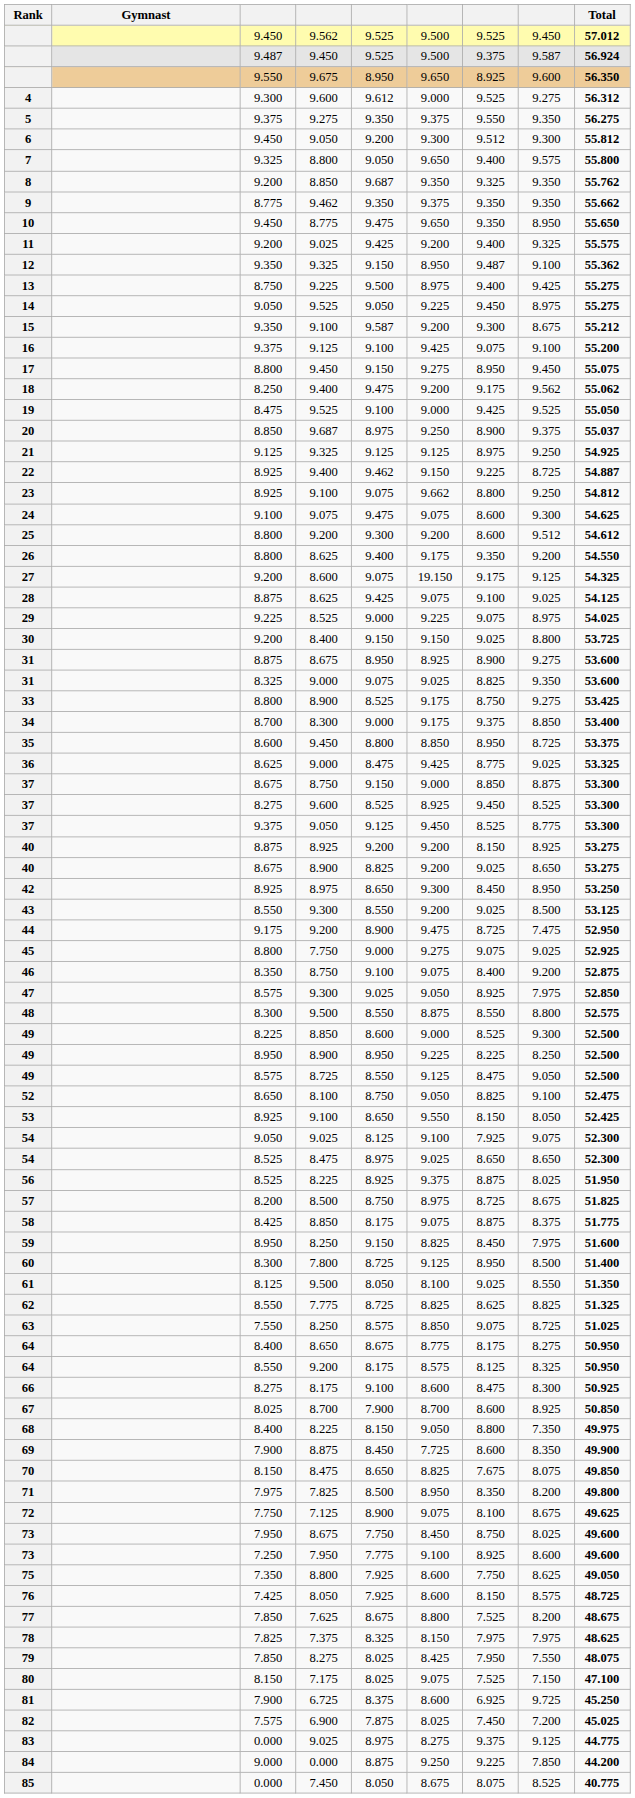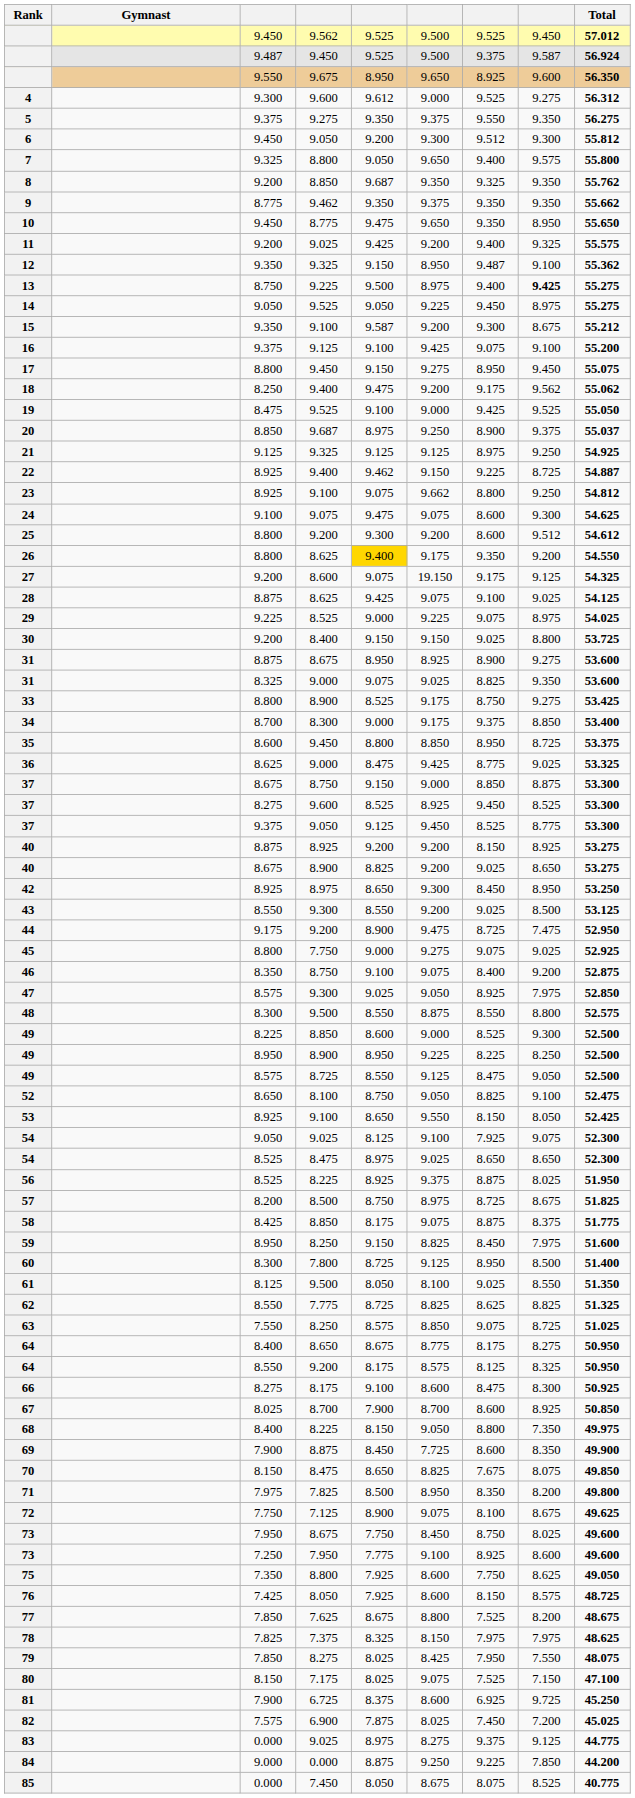 <table class="wikitable sortable" style="text-align:center; font-size:95%">
 <tr>
 <th scope="col" style="width:50px;">Rank</th>
 <th scope="col" style="width:220px;">Gymnast</th>
 <th scope="col" style="width:60px;"></th>
 <th scope="col" style="width:60px;"></th>
 <th scope="col" style="width:60px;"></th>
 <th scope="col" style="width:60px;"></th>
 <th scope="col" style="width:60px;"></th>
 <th scope="col" style="width:60px;"></th>
 <th scope="col" style="width:60px;">Total</th>
 </tr>
 <tr style="background:#fffcaf;">
 <th scope=row style="text-align:center"></th>
 <td align=left></td>
 <td>9.450</td>
 <td>9.562</td>
 <td>9.525</td>
 <td>9.500</td>
 <td>9.525</td>
 <td>9.450</td>
 <td><strong>57.012</strong></td>
 </tr>
 <tr style="background:#e5e5e5;">
 <th scope=row style="text-align:center"></th>
 <td align=left></td>
 <td>9.487</td>
 <td>9.450</td>
 <td>9.525</td>
 <td>9.500</td>
 <td>9.375</td>
 <td>9.587</td>
 <td><strong>56.924</strong></td>
 </tr>
 <tr style="background:#ec9;">
 <th scope=row style="text-align:center"></th>
 <td align=left></td>
 <td>9.550</td>
 <td>9.675</td>
 <td>8.950</td>
 <td>9.650</td>
 <td>8.925</td>
 <td>9.600</td>
 <td><strong>56.350</strong></td>
 </tr>
 <tr>
 <th scope=row style="text-align:center">4</th>
 <td align=left></td>
 <td>9.300</td>
 <td>9.600</td>
 <td>9.612</td>
 <td>9.000</td>
 <td>9.525</td>
 <td>9.275</td>
 <td><strong>56.312</strong></td>
 </tr>
 <tr>
 <th scope=row style="text-align:center">5</th>
 <td align=left></td>
 <td>9.375</td>
 <td>9.275</td>
 <td>9.350</td>
 <td>9.375</td>
 <td>9.550</td>
 <td>9.350</td>
 <td><strong>56.275</strong></td>
 </tr>
 <tr>
 <th scope=row style="text-align:center">6</th>
 <td align=left></td>
 <td>9.450</td>
 <td>9.050</td>
 <td>9.200</td>
 <td>9.300</td>
 <td>9.512</td>
 <td>9.300</td>
 <td><strong>55.812</strong></td>
 </tr>
 <tr>
 <th scope=row style="text-align:center">7</th>
 <td align=left></td>
 <td>9.325</td>
 <td>8.800</td>
 <td>9.050</td>
 <td>9.650</td>
 <td>9.400</td>
 <td>9.575</td>
 <td><strong>55.800</strong></td>
 </tr>
 <tr>
 <th scope=row style="text-align:center">8</th>
 <td align=left></td>
 <td>9.200</td>
 <td>8.850</td>
 <td>9.687</td>
 <td>9.350</td>
 <td>9.325</td>
 <td>9.350</td>
 <td><strong>55.762</strong></td>
 </tr>
 <tr>
 <th scope=row style="text-align:center">9</th>
 <td align=left></td>
 <td>8.775</td>
 <td>9.462</td>
 <td>9.350</td>
 <td>9.375</td>
 <td>9.350</td>
 <td>9.350</td>
 <td><strong>55.662</strong></td>
 </tr>
 <tr>
 <th scope=row style="text-align:center">10</th>
 <td align=left></td>
 <td>9.450</td>
 <td>8.775</td>
 <td>9.475</td>
 <td>9.650</td>
 <td>9.350</td>
 <td>8.950</td>
 <td><strong>55.650</strong></td>
 </tr>
 <tr>
 <th scope=row style="text-align:center">11</th>
 <td align=left></td>
 <td>9.200</td>
 <td>9.025</td>
 <td>9.425</td>
 <td>9.200</td>
 <td>9.400</td>
 <td>9.325</td>
 <td><strong>55.575</strong></td>
 </tr>
 <tr>
 <th scope=row style="text-align:center">12</th>
 <td align=left></td>
 <td>9.350</td>
 <td>9.325</td>
 <td>9.150</td>
 <td>8.950</td>
 <td>9.487</td>
 <td>9.100</td>
 <td><strong>55.362</strong></td>
 </tr>
 <tr>
 <th scope=row style="text-align:center">13</th>
 <td align=left></td>
 <td>8.750</td>
 <td>9.225</td>
 <td>9.500</td>
 <td>8.975</td>
 <td>9.400</td>
-<td>9.425</td>
+<td><strong>9.425</strong></td>
 <td><strong>55.275</strong></td>
 </tr>
 <tr>
 <th scope=row style="text-align:center">14</th>
 <td align=left></td>
 <td>9.050</td>
 <td>9.525</td>
 <td>9.050</td>
 <td>9.225</td>
 <td>9.450</td>
 <td>8.975</td>
 <td><strong>55.275</strong></td>
 </tr>
 <tr>
 <th scope=row style="text-align:center">15</th>
 <td align=left></td>
 <td>9.350</td>
 <td>9.100</td>
 <td>9.587</td>
 <td>9.200</td>
 <td>9.300</td>
 <td>8.675</td>
 <td><strong>55.212</strong></td>
 </tr>
 <tr>
 <th scope=row style="text-align:center">16</th>
 <td align=left></td>
 <td>9.375</td>
 <td>9.125</td>
 <td>9.100</td>
 <td>9.425</td>
 <td>9.075</td>
 <td>9.100</td>
 <td><strong>55.200</strong></td>
 </tr>
 <tr>
 <th scope=row style="text-align:center">17</th>
 <td align=left></td>
 <td>8.800</td>
 <td>9.450</td>
 <td>9.150</td>
 <td>9.275</td>
 <td>8.950</td>
 <td>9.450</td>
 <td><strong>55.075</strong></td>
 </tr>
 <tr>
 <th scope=row style="text-align:center">18</th>
 <td align=left></td>
 <td>8.250</td>
 <td>9.400</td>
 <td>9.475</td>
 <td>9.200</td>
 <td>9.175</td>
 <td>9.562</td>
 <td><strong>55.062</strong></td>
 </tr>
 <tr>
 <th scope=row style="text-align:center">19</th>
 <td align=left></td>
 <td>8.475</td>
 <td>9.525</td>
 <td>9.100</td>
 <td>9.000</td>
 <td>9.425</td>
 <td>9.525</td>
 <td><strong>55.050</strong></td>
 </tr>
 <tr>
 <th scope=row style="text-align:center">20</th>
 <td align=left></td>
 <td>8.850</td>
 <td>9.687</td>
 <td>8.975</td>
 <td>9.250</td>
 <td>8.900</td>
 <td>9.375</td>
 <td><strong>55.037</strong></td>
 </tr>
 <tr>
 <th scope=row style="text-align:center">21</th>
 <td align=left></td>
 <td>9.125</td>
 <td>9.325</td>
 <td>9.125</td>
 <td>9.125</td>
 <td>8.975</td>
 <td>9.250</td>
 <td><strong>54.925</strong></td>
 </tr>
 <tr>
 <th scope=row style="text-align:center">22</th>
 <td align=left></td>
 <td>8.925</td>
 <td>9.400</td>
 <td>9.462</td>
 <td>9.150</td>
 <td>9.225</td>
 <td>8.725</td>
 <td><strong>54.887</strong></td>
 </tr>
 <tr>
 <th scope=row style="text-align:center">23</th>
 <td align=left></td>
 <td>8.925</td>
 <td>9.100</td>
 <td>9.075</td>
 <td>9.662</td>
 <td>8.800</td>
 <td>9.250</td>
 <td><strong>54.812</strong></td>
 </tr>
 <tr>
 <th scope=row style="text-align:center">24</th>
 <td align=left></td>
 <td>9.100</td>
 <td>9.075</td>
 <td>9.475</td>
 <td>9.075</td>
 <td>8.600</td>
 <td>9.300</td>
 <td><strong>54.625</strong></td>
 </tr>
 <tr>
 <th scope=row style="text-align:center">25</th>
 <td align=left></td>
 <td>8.800</td>
 <td>9.200</td>
 <td>9.300</td>
 <td>9.200</td>
 <td>8.600</td>
 <td>9.512</td>
 <td><strong>54.612</strong></td>
 </tr>
 <tr>
 <th scope=row style="text-align:center">26</th>
 <td align=left></td>
 <td>8.800</td>
 <td>8.625</td>
-<td>9.400</td>
+<td style="background: gold;">9.400</td>
 <td>9.175</td>
 <td>9.350</td>
 <td>9.200</td>
 <td><strong>54.550</strong></td>
 </tr>
 <tr>
 <th scope=row style="text-align:center">27</th>
 <td align=left></td>
 <td>9.200</td>
 <td>8.600</td>
 <td>9.075</td>
 <td>19.150</td>
 <td>9.175</td>
 <td>9.125</td>
 <td><strong>54.325</strong></td>
 </tr>
 <tr>
 <th scope=row style="text-align:center">28</th>
 <td align=left></td>
 <td>8.875</td>
 <td>8.625</td>
 <td>9.425</td>
 <td>9.075</td>
 <td>9.100</td>
 <td>9.025</td>
 <td><strong>54.125</strong></td>
 </tr>
 <tr>
 <th scope=row style="text-align:center">29</th>
 <td align=left></td>
 <td>9.225</td>
 <td>8.525</td>
 <td>9.000</td>
 <td>9.225</td>
 <td>9.075</td>
 <td>8.975</td>
 <td><strong>54.025</strong></td>
 </tr>
 <tr>
 <th scope=row style="text-align:center">30</th>
 <td align=left></td>
 <td>9.200</td>
 <td>8.400</td>
 <td>9.150</td>
 <td>9.150</td>
 <td>9.025</td>
 <td>8.800</td>
 <td><strong>53.725</strong></td>
 </tr>
 <tr>
 <th scope=row style="text-align:center">31</th>
 <td align=left></td>
 <td>8.875</td>
 <td>8.675</td>
 <td>8.950</td>
 <td>8.925</td>
 <td>8.900</td>
 <td>9.275</td>
 <td><strong>53.600</strong></td>
 </tr>
 <tr>
 <th scope=row style="text-align:center">31</th>
 <td align=left></td>
 <td>8.325</td>
 <td>9.000</td>
 <td>9.075</td>
 <td>9.025</td>
 <td>8.825</td>
 <td>9.350</td>
 <td><strong>53.600</strong></td>
 </tr>
 <tr>
 <th scope=row style="text-align:center">33</th>
 <td align=left></td>
 <td>8.800</td>
 <td>8.900</td>
 <td>8.525</td>
 <td>9.175</td>
 <td>8.750</td>
 <td>9.275</td>
 <td><strong>53.425</strong></td>
 </tr>
 <tr>
 <th scope=row style="text-align:center">34</th>
 <td align=left></td>
 <td>8.700</td>
 <td>8.300</td>
 <td>9.000</td>
 <td>9.175</td>
 <td>9.375</td>
 <td>8.850</td>
 <td><strong>53.400</strong></td>
 </tr>
 <tr>
 <th scope=row style="text-align:center">35</th>
 <td align=left></td>
 <td>8.600</td>
 <td>9.450</td>
 <td>8.800</td>
 <td>8.850</td>
 <td>8.950</td>
 <td>8.725</td>
 <td><strong>53.375</strong></td>
 </tr>
 <tr>
 <th scope=row style="text-align:center">36</th>
 <td align=left></td>
 <td>8.625</td>
 <td>9.000</td>
 <td>8.475</td>
 <td>9.425</td>
 <td>8.775</td>
 <td>9.025</td>
 <td><strong>53.325</strong></td>
 </tr>
 <tr>
 <th scope=row style="text-align:center">37</th>
 <td align=left></td>
 <td>8.675</td>
 <td>8.750</td>
 <td>9.150</td>
 <td>9.000</td>
 <td>8.850</td>
 <td>8.875</td>
 <td><strong>53.300</strong></td>
 </tr>
 <tr>
 <th scope=row style="text-align:center">37</th>
 <td align=left></td>
 <td>8.275</td>
 <td>9.600</td>
 <td>8.525</td>
 <td>8.925</td>
 <td>9.450</td>
 <td>8.525</td>
 <td><strong>53.300</strong></td>
 </tr>
 <tr>
 <th scope=row style="text-align:center">37</th>
 <td align=left></td>
 <td>9.375</td>
 <td>9.050</td>
 <td>9.125</td>
 <td>9.450</td>
 <td>8.525</td>
 <td>8.775</td>
 <td><strong>53.300</strong></td>
 </tr>
 <tr>
 <th scope=row style="text-align:center">40</th>
 <td align=left></td>
 <td>8.875</td>
 <td>8.925</td>
 <td>9.200</td>
 <td>9.200</td>
 <td>8.150</td>
 <td>8.925</td>
 <td><strong>53.275</strong></td>
 </tr>
 <tr>
 <th scope=row style="text-align:center">40</th>
 <td align=left></td>
 <td>8.675</td>
 <td>8.900</td>
 <td>8.825</td>
 <td>9.200</td>
 <td>9.025</td>
 <td>8.650</td>
 <td><strong>53.275</strong></td>
 </tr>
 <tr>
 <th scope=row style="text-align:center">42</th>
 <td align=left></td>
 <td>8.925</td>
 <td>8.975</td>
 <td>8.650</td>
 <td>9.300</td>
 <td>8.450</td>
 <td>8.950</td>
 <td><strong>53.250</strong></td>
 </tr>
 <tr>
 <th scope=row style="text-align:center">43</th>
 <td align=left></td>
 <td>8.550</td>
 <td>9.300</td>
 <td>8.550</td>
 <td>9.200</td>
 <td>9.025</td>
 <td>8.500</td>
 <td><strong>53.125</strong></td>
 </tr>
 <tr>
 <th scope=row style="text-align:center">44</th>
 <td align=left></td>
 <td>9.175</td>
 <td>9.200</td>
 <td>8.900</td>
 <td>9.475</td>
 <td>8.725</td>
 <td>7.475</td>
 <td><strong>52.950</strong></td>
 </tr>
 <tr>
 <th scope=row style="text-align:center">45</th>
 <td align=left></td>
 <td>8.800</td>
 <td>7.750</td>
 <td>9.000</td>
 <td>9.275</td>
 <td>9.075</td>
 <td>9.025</td>
 <td><strong>52.925</strong></td>
 </tr>
 <tr>
 <th scope=row style="text-align:center">46</th>
 <td align=left></td>
 <td>8.350</td>
 <td>8.750</td>
 <td>9.100</td>
 <td>9.075</td>
 <td>8.400</td>
 <td>9.200</td>
 <td><strong>52.875</strong></td>
 </tr>
 <tr>
 <th scope=row style="text-align:center">47</th>
 <td align=left></td>
 <td>8.575</td>
 <td>9.300</td>
 <td>9.025</td>
 <td>9.050</td>
 <td>8.925</td>
 <td>7.975</td>
 <td><strong>52.850</strong></td>
 </tr>
 <tr>
 <th scope=row style="text-align:center">48</th>
 <td align=left></td>
 <td>8.300</td>
 <td>9.500</td>
 <td>8.550</td>
 <td>8.875</td>
 <td>8.550</td>
 <td>8.800</td>
 <td><strong>52.575</strong></td>
 </tr>
 <tr>
 <th scope=row style="text-align:center">49</th>
 <td align=left></td>
 <td>8.225</td>
 <td>8.850</td>
 <td>8.600</td>
 <td>9.000</td>
 <td>8.525</td>
 <td>9.300</td>
 <td><strong>52.500</strong></td>
 </tr>
 <tr>
 <th scope=row style="text-align:center">49</th>
 <td align=left></td>
 <td>8.950</td>
 <td>8.900</td>
 <td>8.950</td>
 <td>9.225</td>
 <td>8.225</td>
 <td>8.250</td>
 <td><strong>52.500</strong></td>
 </tr>
 <tr>
 <th scope=row style="text-align:center">49</th>
 <td align=left></td>
 <td>8.575</td>
 <td>8.725</td>
 <td>8.550</td>
 <td>9.125</td>
 <td>8.475</td>
 <td>9.050</td>
 <td><strong>52.500</strong></td>
 </tr>
 <tr>
 <th scope=row style="text-align:center">52</th>
 <td align=left></td>
 <td>8.650</td>
 <td>8.100</td>
 <td>8.750</td>
 <td>9.050</td>
 <td>8.825</td>
 <td>9.100</td>
 <td><strong>52.475</strong></td>
 </tr>
 <tr>
 <th scope=row style="text-align:center">53</th>
 <td align=left></td>
 <td>8.925</td>
 <td>9.100</td>
 <td>8.650</td>
 <td>9.550</td>
 <td>8.150</td>
 <td>8.050</td>
 <td><strong>52.425</strong></td>
 </tr>
 <tr>
 <th scope=row style="text-align:center">54</th>
 <td align=left></td>
 <td>9.050</td>
 <td>9.025</td>
 <td>8.125</td>
 <td>9.100</td>
 <td>7.925</td>
 <td>9.075</td>
 <td><strong>52.300</strong></td>
 </tr>
 <tr>
 <th scope=row style="text-align:center">54</th>
 <td align=left></td>
 <td>8.525</td>
 <td>8.475</td>
 <td>8.975</td>
 <td>9.025</td>
 <td>8.650</td>
 <td>8.650</td>
 <td><strong>52.300</strong></td>
 </tr>
 <tr>
 <th scope=row style="text-align:center">56</th>
 <td align=left></td>
 <td>8.525</td>
 <td>8.225</td>
 <td>8.925</td>
 <td>9.375</td>
 <td>8.875</td>
 <td>8.025</td>
 <td><strong>51.950</strong></td>
 </tr>
 <tr>
 <th scope=row style="text-align:center">57</th>
 <td align=left></td>
 <td>8.200</td>
 <td>8.500</td>
 <td>8.750</td>
 <td>8.975</td>
 <td>8.725</td>
 <td>8.675</td>
 <td><strong>51.825</strong></td>
 </tr>
 <tr>
 <th scope=row style="text-align:center">58</th>
 <td align=left></td>
 <td>8.425</td>
 <td>8.850</td>
 <td>8.175</td>
 <td>9.075</td>
 <td>8.875</td>
 <td>8.375</td>
 <td><strong>51.775</strong></td>
 </tr>
 <tr>
 <th scope=row style="text-align:center">59</th>
 <td align=left></td>
 <td>8.950</td>
 <td>8.250</td>
 <td>9.150</td>
 <td>8.825</td>
 <td>8.450</td>
 <td>7.975</td>
 <td><strong>51.600</strong></td>
 </tr>
 <tr>
 <th scope=row style="text-align:center">60</th>
 <td align=left></td>
 <td>8.300</td>
 <td>7.800</td>
 <td>8.725</td>
 <td>9.125</td>
 <td>8.950</td>
 <td>8.500</td>
 <td><strong>51.400</strong></td>
 </tr>
 <tr>
 <th scope=row style="text-align:center">61</th>
 <td align=left></td>
 <td>8.125</td>
 <td>9.500</td>
 <td>8.050</td>
 <td>8.100</td>
 <td>9.025</td>
 <td>8.550</td>
 <td><strong>51.350</strong></td>
 </tr>
 <tr>
 <th scope=row style="text-align:center">62</th>
 <td align=left></td>
 <td>8.550</td>
 <td>7.775</td>
 <td>8.725</td>
 <td>8.825</td>
 <td>8.625</td>
 <td>8.825</td>
 <td><strong>51.325</strong></td>
 </tr>
 <tr>
 <th scope=row style="text-align:center">63</th>
 <td align=left></td>
 <td>7.550</td>
 <td>8.250</td>
 <td>8.575</td>
 <td>8.850</td>
 <td>9.075</td>
 <td>8.725</td>
 <td><strong>51.025</strong></td>
 </tr>
 <tr>
 <th scope=row style="text-align:center">64</th>
 <td align=left></td>
 <td>8.400</td>
 <td>8.650</td>
 <td>8.675</td>
 <td>8.775</td>
 <td>8.175</td>
 <td>8.275</td>
 <td><strong>50.950</strong></td>
 </tr>
 <tr>
 <th scope=row style="text-align:center">64</th>
 <td align=left></td>
 <td>8.550</td>
 <td>9.200</td>
 <td>8.175</td>
 <td>8.575</td>
 <td>8.125</td>
 <td>8.325</td>
 <td><strong>50.950</strong></td>
 </tr>
 <tr>
 <th scope=row style="text-align:center">66</th>
 <td align=left></td>
 <td>8.275</td>
 <td>8.175</td>
 <td>9.100</td>
 <td>8.600</td>
 <td>8.475</td>
 <td>8.300</td>
 <td><strong>50.925</strong></td>
 </tr>
 <tr>
 <th scope=row style="text-align:center">67</th>
 <td align=left></td>
 <td>8.025</td>
 <td>8.700</td>
 <td>7.900</td>
 <td>8.700</td>
 <td>8.600</td>
 <td>8.925</td>
 <td><strong>50.850</strong></td>
 </tr>
 <tr>
 <th scope=row style="text-align:center">68</th>
 <td align=left></td>
 <td>8.400</td>
 <td>8.225</td>
 <td>8.150</td>
 <td>9.050</td>
 <td>8.800</td>
 <td>7.350</td>
 <td><strong>49.975</strong></td>
 </tr>
 <tr>
 <th scope=row style="text-align:center">69</th>
 <td align=left></td>
 <td>7.900</td>
 <td>8.875</td>
 <td>8.450</td>
 <td>7.725</td>
 <td>8.600</td>
 <td>8.350</td>
 <td><strong>49.900</strong></td>
 </tr>
 <tr>
 <th scope=row style="text-align:center">70</th>
 <td align=left></td>
 <td>8.150</td>
 <td>8.475</td>
 <td>8.650</td>
 <td>8.825</td>
 <td>7.675</td>
 <td>8.075</td>
 <td><strong>49.850</strong></td>
 </tr>
 <tr>
 <th scope=row style="text-align:center">71</th>
 <td align=left></td>
 <td>7.975</td>
 <td>7.825</td>
 <td>8.500</td>
 <td>8.950</td>
 <td>8.350</td>
 <td>8.200</td>
 <td><strong>49.800</strong></td>
 </tr>
 <tr>
 <th scope=row style="text-align:center">72</th>
 <td align=left></td>
 <td>7.750</td>
 <td>7.125</td>
 <td>8.900</td>
 <td>9.075</td>
 <td>8.100</td>
 <td>8.675</td>
 <td><strong>49.625</strong></td>
 </tr>
 <tr>
 <th scope=row style="text-align:center">73</th>
 <td align=left></td>
 <td>7.950</td>
 <td>8.675</td>
 <td>7.750</td>
 <td>8.450</td>
 <td>8.750</td>
 <td>8.025</td>
 <td><strong>49.600</strong></td>
 </tr>
 <tr>
 <th scope=row style="text-align:center">73</th>
 <td align=left></td>
 <td>7.250</td>
 <td>7.950</td>
 <td>7.775</td>
 <td>9.100</td>
 <td>8.925</td>
 <td>8.600</td>
 <td><strong>49.600</strong></td>
 </tr>
 <tr>
 <th scope=row style="text-align:center">75</th>
 <td align=left></td>
 <td>7.350</td>
 <td>8.800</td>
 <td>7.925</td>
 <td>8.600</td>
 <td>7.750</td>
 <td>8.625</td>
 <td><strong>49.050</strong></td>
 </tr>
 <tr>
 <th scope=row style="text-align:center">76</th>
 <td align=left></td>
 <td>7.425</td>
 <td>8.050</td>
 <td>7.925</td>
 <td>8.600</td>
 <td>8.150</td>
 <td>8.575</td>
 <td><strong>48.725</strong></td>
 </tr>
 <tr>
 <th scope=row style="text-align:center">77</th>
 <td align=left></td>
 <td>7.850</td>
 <td>7.625</td>
 <td>8.675</td>
 <td>8.800</td>
 <td>7.525</td>
 <td>8.200</td>
 <td><strong>48.675</strong></td>
 </tr>
 <tr>
 <th scope=row style="text-align:center">78</th>
 <td align=left></td>
 <td>7.825</td>
 <td>7.375</td>
 <td>8.325</td>
 <td>8.150</td>
 <td>7.975</td>
 <td>7.975</td>
 <td><strong>48.625</strong></td>
 </tr>
 <tr>
 <th scope=row style="text-align:center">79</th>
 <td align=left></td>
 <td>7.850</td>
 <td>8.275</td>
 <td>8.025</td>
 <td>8.425</td>
 <td>7.950</td>
 <td>7.550</td>
 <td><strong>48.075</strong></td>
 </tr>
 <tr>
 <th scope=row style="text-align:center">80</th>
 <td align=left></td>
 <td>8.150</td>
 <td>7.175</td>
 <td>8.025</td>
 <td>9.075</td>
 <td>7.525</td>
 <td>7.150</td>
 <td><strong>47.100</strong></td>
 </tr>
 <tr>
 <th scope=row style="text-align:center">81</th>
 <td align=left></td>
 <td>7.900</td>
 <td>6.725</td>
 <td>8.375</td>
 <td>8.600</td>
 <td>6.925</td>
 <td>9.725</td>
 <td><strong>45.250</strong></td>
 </tr>
 <tr>
 <th scope=row style="text-align:center">82</th>
 <td align=left></td>
 <td>7.575</td>
 <td>6.900</td>
 <td>7.875</td>
 <td>8.025</td>
 <td>7.450</td>
 <td>7.200</td>
 <td><strong>45.025</strong></td>
 </tr>
 <tr>
 <th scope=row style="text-align:center">83</th>
 <td align=left></td>
 <td>0.000</td>
 <td>9.025</td>
 <td>8.975</td>
 <td>8.275</td>
 <td>9.375</td>
 <td>9.125</td>
 <td><strong>44.775</strong></td>
 </tr>
 <tr>
 <th scope=row style="text-align:center">84</th>
 <td align=left></td>
 <td>9.000</td>
 <td>0.000</td>
 <td>8.875</td>
 <td>9.250</td>
 <td>9.225</td>
 <td>7.850</td>
 <td><strong>44.200</strong></td>
 </tr>
 <tr>
 <th scope=row style="text-align:center">85</th>
 <td align=left></td>
 <td>0.000</td>
 <td>7.450</td>
 <td>8.050</td>
 <td>8.675</td>
 <td>8.075</td>
 <td>8.525</td>
 <td><strong>40.775</strong></td>
 </tr>
 </table>
